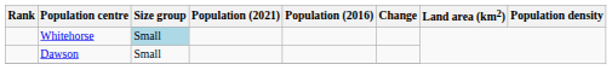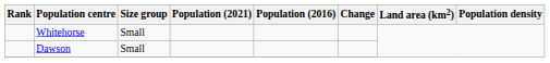 <table class="wikitable sortable">
 <tr>
 <th>Rank</th>
 <th>Population centre</th>
 <th>Size group</th>
 <th>Population (2021)</th>
 <th>Population (2016)</th>
 <th>Change</th>
 <th>Land area (km<sup>2</sup>)</th>
 <th>Population density</th>
 </tr>
 <tr>
 <td scope=row align=center></td>
 <td><a href='#'>Whitehorse</a></td>
-<td style="background: lightblue;">Small</td>
+<td>Small</td>
 <td></td>
 <td align=center></td>
 <td align=center></td>
 </tr>
 <tr>
 <td scope=row align=center></td>
 <td><a href='#'>Dawson</a></td>
 <td>Small</td>
 <td></td>
 <td align=center></td>
 <td align=center></td>
 </tr>
 <tr>
 </tr>
 </table>
